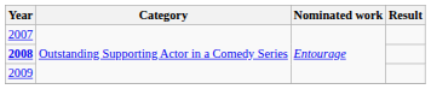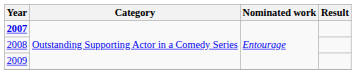 <table class="wikitable sortable">
 <tr>
 <th>Year</th>
 <th>Category</th>
 <th>Nominated work</th>
 <th>Result</th>
 </tr>
 <tr>
-<td><a href='#'>2007</a></td>
+<td><strong><a href='#'>2007</a></strong></td>
 <td rowspan=3><a href='#'>Outstanding Supporting Actor in a Comedy Series</a></td>
 <td rowspan=3><em><a href='#'>Entourage</a></em></td>
 <td></td>
 </tr>
 <tr>
-<td><strong><a href='#'>2008</a></strong></td>
+<td><a href='#'>2008</a></td>
 <td></td>
 </tr>
 <tr>
 <td><a href='#'>2009</a></td>
 <td></td>
 </tr>
 <tr>
 </tr>
 </table>
